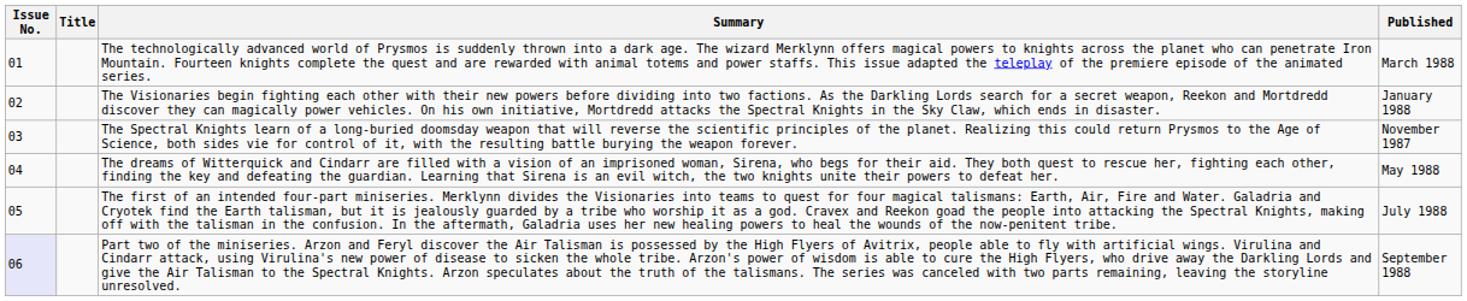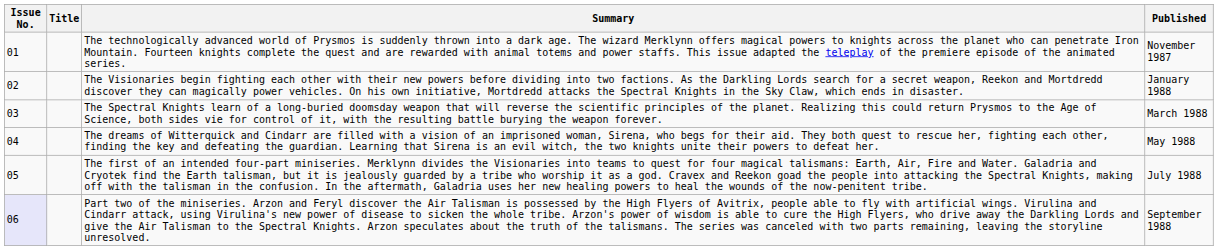 <table class="wikitable sortable">
 <tr>
 <th>Issue No.</th>
 <th>Title</th>
 <th>Summary</th>
 <th>Published</th>
 </tr>
 <tr>
 <td>01</td>
 <td></td>
 <td>The technologically advanced world of Prysmos is suddenly thrown into a dark age. The wizard Merklynn offers magical powers to knights across the planet who can penetrate Iron Mountain. Fourteen knights complete the quest and are rewarded with animal totems and power staffs. This issue adapted the <a href='#'>teleplay</a> of the premiere episode of the animated series.</td>
-<td>March 1988</td>
+<td>November 1987</td>
 </tr>
 <tr>
 <td>02</td>
 <td></td>
 <td>The Visionaries begin fighting each other with their new powers before dividing into two factions. As the Darkling Lords search for a secret weapon, Reekon and Mortdredd discover they can magically power vehicles. On his own initiative, Mortdredd attacks the Spectral Knights in the Sky Claw, which ends in disaster.</td>
 <td>January 1988</td>
 </tr>
 <tr>
 <td>03</td>
 <td></td>
 <td>The Spectral Knights learn of a long-buried doomsday weapon that will reverse the scientific principles of the planet. Realizing this could return Prysmos to the Age of Science, both sides vie for control of it, with the resulting battle burying the weapon forever.</td>
-<td>November 1987</td>
+<td>March 1988</td>
 </tr>
 <tr>
 <td>04</td>
 <td></td>
 <td>The dreams of Witterquick and Cindarr are filled with a vision of an imprisoned woman, Sirena, who begs for their aid. They both quest to rescue her, fighting each other, finding the key and defeating the guardian. Learning that Sirena is an evil witch, the two knights unite their powers to defeat her.</td>
 <td>May 1988</td>
 </tr>
 <tr>
 <td>05</td>
 <td></td>
 <td>The first of an intended four-part miniseries. Merklynn divides the Visionaries into teams to quest for four magical talismans: Earth, Air, Fire and Water. Galadria and Cryotek find the Earth talisman, but it is jealously guarded by a tribe who worship it as a god. Cravex and Reekon goad the people into attacking the Spectral Knights, making off with the talisman in the confusion. In the aftermath, Galadria uses her new healing powers to heal the wounds of the now-penitent tribe.</td>
 <td>July 1988</td>
 </tr>
 <tr>
 <td style="background: lavender;">06</td>
 <td></td>
 <td>Part two of the miniseries. Arzon and Feryl discover the Air Talisman is possessed by the High Flyers of Avitrix, people able to fly with artificial wings. Virulina and Cindarr attack, using Virulina's new power of disease to sicken the whole tribe. Arzon's power of wisdom is able to cure the High Flyers, who drive away the Darkling Lords and give the Air Talisman to the Spectral Knights. Arzon speculates about the truth of the talismans. The series was canceled with two parts remaining, leaving the storyline unresolved.</td>
 <td>September 1988</td>
 </tr>
 </table>
